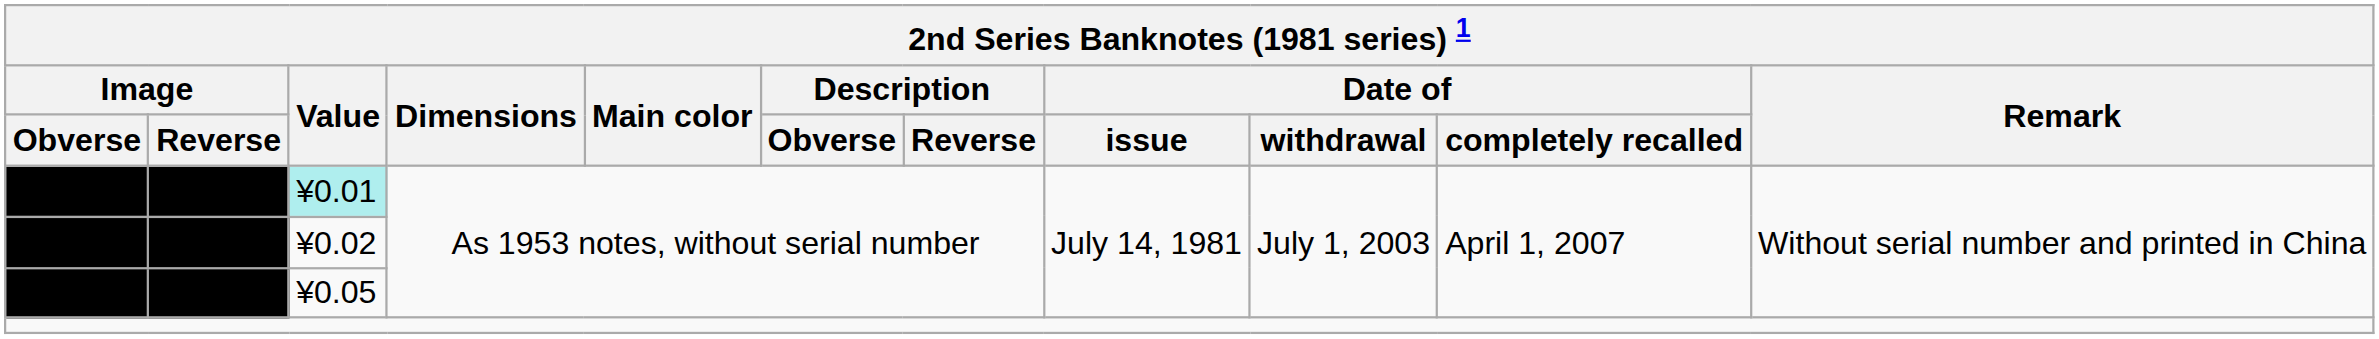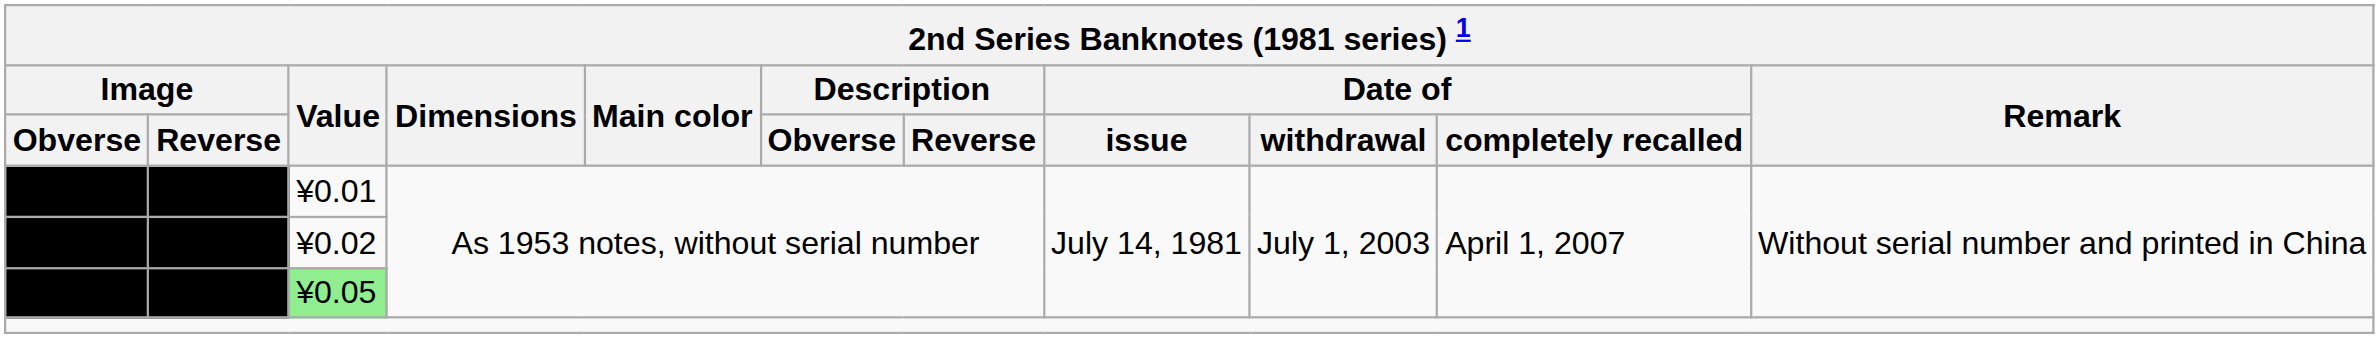 <table class="wikitable" style="font-size: 90%">
 <tr>
 <th colspan="11">2nd Series Banknotes (1981 series) <sup><a href='#'>1</a></sup></th>
 </tr>
 <tr>
 <th colspan="2">Image</th>
 <th rowspan="2">Value</th>
 <th rowspan="2">Dimensions</th>
 <th rowspan="2">Main color</th>
 <th colspan="2">Description</th>
 <th colspan="3">Date of</th>
 <th rowspan="2">Remark</th>
 </tr>
 <tr>
 <th>Obverse</th>
 <th>Reverse</th>
 <th>Obverse</th>
 <th>Reverse</th>
 <th>issue</th>
 <th>withdrawal</th>
 <th>completely recalled</th>
 </tr>
 <tr>
 <td align="center" bgcolor="#000000"></td>
 <td align="center" bgcolor="#000000"></td>
-<td style="background: paleturquoise;">¥0.01</td>
+<td>¥0.01</td>
 <td colspan="4" rowspan="3" style="text-align:center;">As 1953 notes, without serial number</td>
 <td rowspan="3">July 14, 1981</td>
 <td rowspan="3">July 1, 2003</td>
 <td rowspan="3">April 1, 2007</td>
 <td rowspan="3">Without serial number and printed in China</td>
 </tr>
 <tr>
 <td align="center" bgcolor="#000000"></td>
 <td align="center" bgcolor="#000000"></td>
 <td>¥0.02</td>
 </tr>
 <tr>
 <td align="center" bgcolor="#000000"></td>
 <td align="center" bgcolor="#000000"></td>
-<td>¥0.05</td>
+<td style="background: lightgreen;">¥0.05</td>
 </tr>
 <tr>
 <td colspan="11"></td>
 </tr>
 </table>
